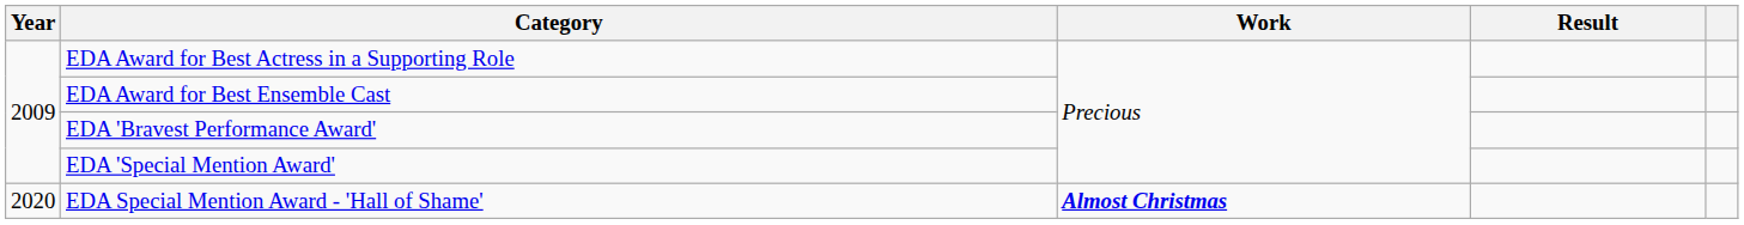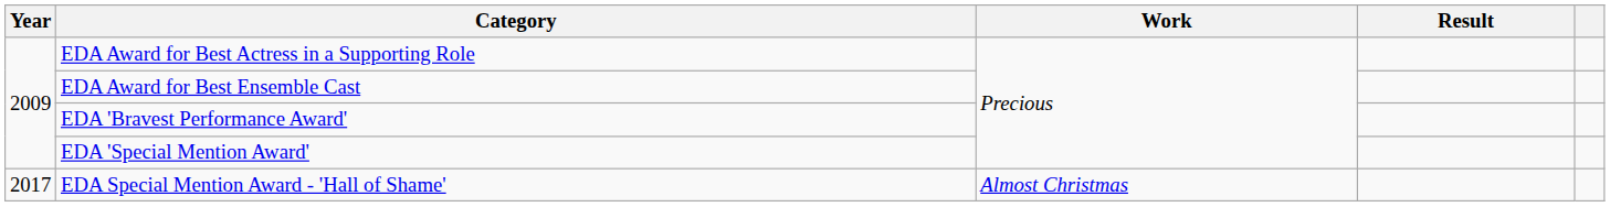 <table class="wikitable">
 <tr>
 <th scope="col" style="width:1em;">Year</th>
 <th scope="col" style="width:44em;">Category</th>
 <th scope="col" style="width:18em;">Work</th>
 <th scope="col" style="width:10em;">Result</th>
 <th class="unsortable" style="width:1em;"></th>
 </tr>
 <tr>
 <td rowspan="4">2009</td>
 <td><a href='#'>EDA Award for Best Actress in a Supporting Role</a> </td>
 <td rowspan="4"><em>Precious</em></td>
 <td></td>
 <td></td>
 </tr>
 <tr>
 <td><a href='#'>EDA Award for Best Ensemble Cast</a> </td>
 <td></td>
 <td></td>
 </tr>
 <tr>
 <td><a href='#'>EDA 'Bravest Performance Award'</a></td>
 <td></td>
 <td></td>
 </tr>
 <tr>
 <td><a href='#'>EDA 'Special Mention Award'</a></td>
 <td></td>
 <td></td>
 </tr>
 <tr>
-<td>2020</td>
+<td>2017</td>
 <td><a href='#'>EDA Special Mention Award - 'Hall of Shame'</a> </td>
-<td><strong><em><a href='#'>Almost Christmas</a></em></strong></td>
+<td><em><a href='#'>Almost Christmas</a></em></td>
 <td></td>
 <td></td>
 </tr>
 </table>
